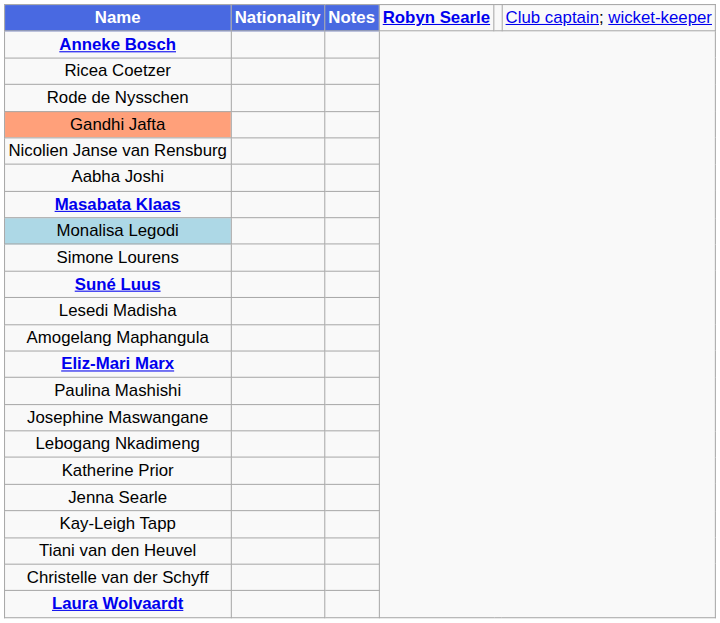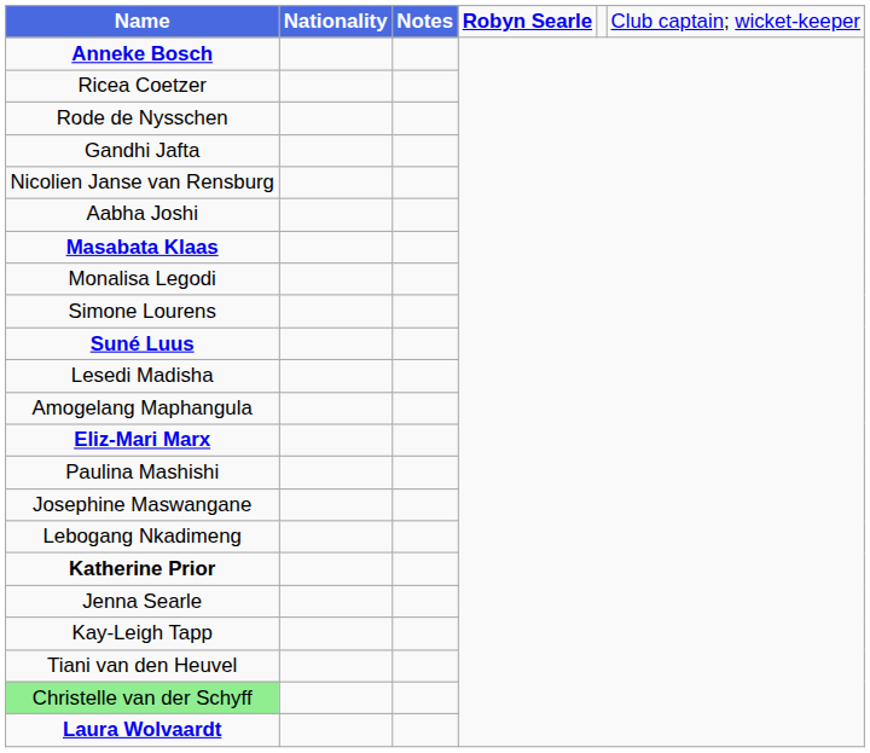 <table class="wikitable sortable">
 <tr>
 <th style="background:#4969E1; color:white" scope="col" rowspan="2">Name</th>
 <th style="background:#4969E1; color:white" scope="col" rowspan="2">Nationality</th>
 <th style="background:#4969E1; color:white" scope="col" rowspan="2">Notes</th>
 </tr>
 <tr>
 <td style="text-align:center"><strong><a href='#'>Robyn Searle</a></strong></td>
 <td></td>
 <td><a href='#'>Club captain</a>; <a href='#'>wicket-keeper</a></td>
 </tr>
 <tr>
 <td style="text-align:center"><strong><a href='#'>Anneke Bosch</a></strong></td>
 <td></td>
 <td></td>
 </tr>
 <tr>
 <td style="text-align:center">Ricea Coetzer</td>
 <td></td>
 <td></td>
 </tr>
 <tr>
 <td style="text-align:center">Rode de Nysschen</td>
 <td></td>
 <td></td>
 </tr>
 <tr>
-<td style="background: lightsalmon; text-align:center">Gandhi Jafta</td>
+<td style="text-align:center">Gandhi Jafta</td>
 <td></td>
 <td></td>
 </tr>
 <tr>
 <td style="text-align:center">Nicolien Janse van Rensburg</td>
 <td></td>
 <td></td>
 </tr>
 <tr>
 <td style="text-align:center">Aabha Joshi</td>
 <td></td>
 <td></td>
 </tr>
 <tr>
 <td style="text-align:center"><strong><a href='#'>Masabata Klaas</a></strong></td>
 <td></td>
 <td></td>
 </tr>
 <tr>
-<td style="background: lightblue; text-align:center">Monalisa Legodi</td>
+<td style="text-align:center">Monalisa Legodi</td>
 <td></td>
 <td></td>
 </tr>
 <tr>
 <td style="text-align:center">Simone Lourens</td>
 <td></td>
 <td></td>
 </tr>
 <tr>
 <td style="text-align:center"><strong><a href='#'>Suné Luus</a></strong></td>
 <td></td>
 <td></td>
 </tr>
 <tr>
 <td style="text-align:center">Lesedi Madisha</td>
 <td></td>
 <td></td>
 </tr>
 <tr>
 <td style="text-align:center">Amogelang Maphangula</td>
 <td></td>
 <td></td>
 </tr>
 <tr>
 <td style="text-align:center"><strong><a href='#'>Eliz-Mari Marx</a></strong></td>
 <td></td>
 <td></td>
 </tr>
 <tr>
 <td style="text-align:center">Paulina Mashishi</td>
 <td></td>
 <td></td>
 </tr>
 <tr>
 <td style="text-align:center">Josephine Maswangane</td>
 <td></td>
 <td></td>
 </tr>
 <tr>
 <td style="text-align:center">Lebogang Nkadimeng</td>
 <td></td>
 <td></td>
 </tr>
 <tr>
-<td style="text-align:center">Katherine Prior</td>
+<td style="text-align:center"><strong>Katherine Prior</strong></td>
 <td></td>
 <td></td>
 </tr>
 <tr>
 <td style="text-align:center">Jenna Searle</td>
 <td></td>
 <td></td>
 </tr>
 <tr>
 <td style="text-align:center">Kay-Leigh Tapp</td>
 <td></td>
 <td></td>
 </tr>
 <tr>
 <td style="text-align:center">Tiani van den Heuvel</td>
 <td></td>
 <td></td>
 </tr>
 <tr>
-<td style="text-align:center">Christelle van der Schyff</td>
+<td style="background: lightgreen; text-align:center">Christelle van der Schyff</td>
 <td></td>
 <td></td>
 </tr>
 <tr>
 <td style="text-align:center"><strong><a href='#'>Laura Wolvaardt</a></strong></td>
 <td></td>
 <td></td>
 </tr>
 </table>
